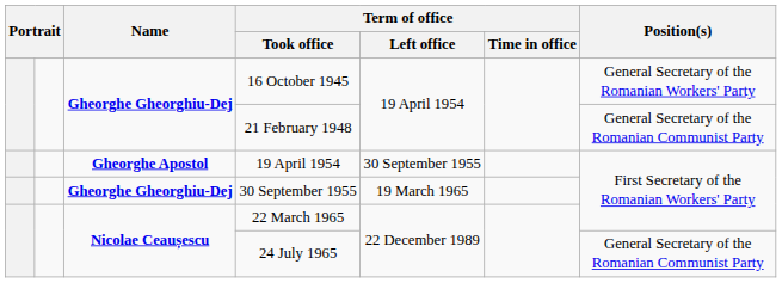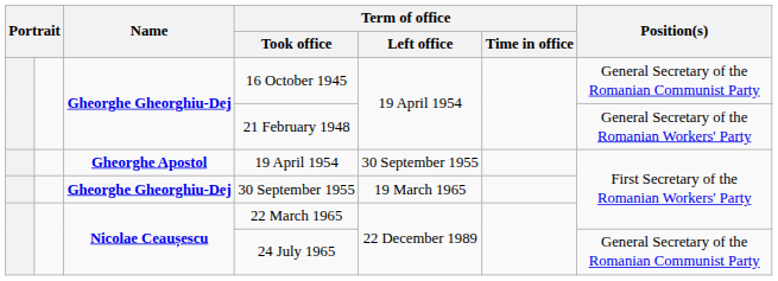 <table class="wikitable" style="text-align:center; line-height:130%;">
 <tr>
 <th colspan="2" rowspan="2">Portrait</th>
 <th rowspan="2">Name<br></th>
 <th colspan="3">Term of office</th>
 <th rowspan="2" style="width:200px">Position(s)</th>
 </tr>
 <tr>
 <th>Took office</th>
 <th>Left office</th>
 <th>Time in office</th>
 </tr>
 <tr>
 <th rowspan=2 style="background:"></th>
 <td rowspan=2></td>
 <td rowspan=2><strong><a href='#'>Gheorghe Gheorghiu-Dej</a></strong><br></td>
 <td>16 October 1945</td>
 <td rowspan=2>19 April 1954</td>
 <td rowspan=2></td>
-<td>General Secretary of the <a href='#'>Romanian Workers' Party</a></td>
+<td>General Secretary of the <a href='#'>Romanian Communist Party</a></td>
 </tr>
 <tr>
 <td>21 February 1948</td>
-<td>General Secretary of the <a href='#'>Romanian Communist Party</a></td>
+<td>General Secretary of the <a href='#'>Romanian Workers' Party</a></td>
 </tr>
 <tr>
 <th style="background:"></th>
 <td></td>
 <td><strong><a href='#'>Gheorghe Apostol</a></strong><br></td>
 <td>19 April 1954</td>
 <td>30 September 1955</td>
 <td></td>
 <td rowspan=3>First Secretary of the <a href='#'>Romanian Workers' Party</a></td>
 </tr>
 <tr>
 <th style="background:"></th>
 <td></td>
 <td><strong><a href='#'>Gheorghe Gheorghiu-Dej</a></strong><br></td>
 <td>30 September 1955</td>
 <td>19 March 1965<br></td>
 <td></td>
 </tr>
 <tr>
 <th rowspan=2 style="background:"></th>
 <td rowspan=2></td>
 <td rowspan=2><strong><a href='#'>Nicolae Ceaușescu</a></strong><br></td>
 <td>22 March 1965</td>
 <td rowspan=2>22 December 1989<br></td>
 <td rowspan=2></td>
 </tr>
 <tr>
 <td>24 July 1965</td>
 <td>General Secretary of the <a href='#'>Romanian Communist Party</a></td>
 </tr>
 </table>
